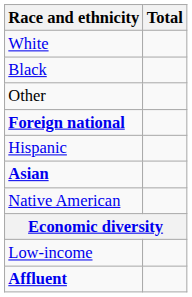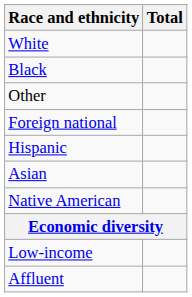 <table class="wikitable floatright sortable collapsible"; text-align:right; font-size:80%;">
 <tr>
 <th>Race and ethnicity</th>
 <th colspan="2" data-sort-type=number>Total</th>
 </tr>
 <tr>
 <td><a href='#'>White</a></td>
 <td align=right></td>
 </tr>
 <tr>
 <td><a href='#'>Black</a></td>
 <td align=right></td>
 </tr>
 <tr>
 <td>Other</td>
 <td align=right></td>
 </tr>
 <tr>
-<td><strong><a href='#'>Foreign national</a></strong></td>
+<td><a href='#'>Foreign national</a></td>
 <td align=right></td>
 </tr>
 <tr>
 <td><a href='#'>Hispanic</a></td>
 <td align=right></td>
 </tr>
 <tr>
-<td><strong><a href='#'>Asian</a></strong></td>
+<td><a href='#'>Asian</a></td>
 <td align=right></td>
 </tr>
 <tr>
 <td><a href='#'>Native American</a></td>
 <td align=right></td>
 </tr>
 <tr>
 <th colspan="4" data-sort-type=number><a href='#'>Economic diversity</a></th>
 </tr>
 <tr>
 <td><a href='#'>Low-income</a></td>
 <td align=right></td>
 </tr>
 <tr>
-<td><strong><a href='#'>Affluent</a></strong></td>
+<td><a href='#'>Affluent</a></td>
 <td align=right></td>
 </tr>
 </table>
